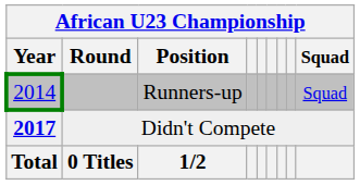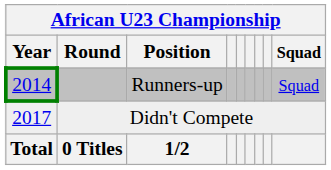 <table class="wikitable" style="text-align: center;">
 <tr>
 <th colspan=9><a href='#'>African U23 Championship</a></th>
 </tr>
 <tr>
 <th>Year</th>
 <th>Round</th>
 <th>Position</th>
 <th></th>
 <th></th>
 <th></th>
 <th></th>
 <th></th>
 <th><small>Squad</small></th>
 </tr>
 <tr bgcolor=silver>
 <td style="border:3px solid green"> <a href='#'>2014</a></td>
 <td></td>
 <td>Runners-up</td>
 <td></td>
 <td></td>
 <td></td>
 <td></td>
 <td></td>
 <td><small><a href='#'>Squad</a></small></td>
 </tr>
 <tr bgcolor="efefef">
-<td><strong> <a href='#'>2017</a></strong></td>
+<td> <a href='#'>2017</a></td>
 <td colspan="8">Didn't Compete</td>
 </tr>
 <tr bgcolor=>
 <th>Total</th>
 <th>0 Titles</th>
 <th>1/2</th>
 <th></th>
 <th></th>
 <th></th>
 <th></th>
 <th></th>
 <th></th>
 </tr>
 </table>
